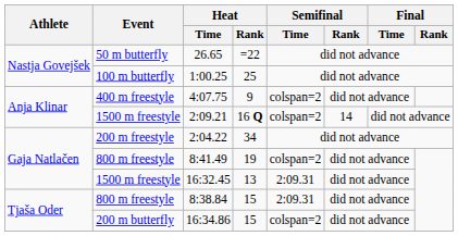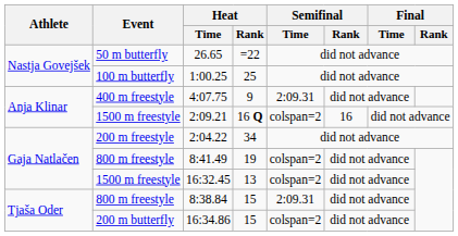 <table class=wikitable style="font-size:90%">
 <tr>
 <th rowspan="2">Athlete</th>
 <th rowspan="2">Event</th>
 <th colspan="2">Heat</th>
 <th colspan="2">Semifinal</th>
 <th colspan="2">Final</th>
 </tr>
 <tr style="font-size:95%">
 <th>Time</th>
 <th>Rank</th>
 <th>Time</th>
 <th>Rank</th>
 <th>Time</th>
 <th>Rank</th>
 </tr>
 <tr align=center>
 <td align=left rowspan=2><a href='#'>Nastja Govejšek</a></td>
 <td align=left><a href='#'>50 m butterfly</a></td>
 <td>26.65</td>
 <td>=22</td>
 <td colspan=4>did not advance</td>
 </tr>
 <tr align=center>
 <td align=left><a href='#'>100 m butterfly</a></td>
 <td>1:00.25</td>
 <td>25</td>
 <td colspan=4>did not advance</td>
 </tr>
 <tr align=center>
 <td align=left rowspan=2><a href='#'>Anja Klinar</a></td>
 <td align=left><a href='#'>400 m freestyle</a></td>
 <td>4:07.75</td>
 <td>9</td>
-<td>colspan=2 </td>
+<td>2:09.31</td>
 <td colspan=2>did not advance</td>
 </tr>
 <tr align=center>
 <td align=left><a href='#'>1500 m freestyle</a></td>
 <td>2:09.21</td>
 <td>16 <strong>Q</strong></td>
 <td>colspan=2 </td>
-<td>14</td>
+<td>16</td>
 <td colspan=2>did not advance</td>
 </tr>
 <tr align=center>
 <td align=left rowspan=3><a href='#'>Gaja Natlačen</a></td>
 <td align=left><a href='#'>200 m freestyle</a></td>
 <td>2:04.22</td>
 <td>34</td>
 <td colspan=4>did not advance</td>
 </tr>
 <tr align=center>
 <td align=left><a href='#'>800 m freestyle</a></td>
 <td>8:41.49</td>
 <td>19</td>
 <td>colspan=2 </td>
 <td colspan=2>did not advance</td>
 </tr>
 <tr align=center>
 <td align=left><a href='#'>1500 m freestyle</a></td>
 <td>16:32.45</td>
 <td>13</td>
-<td>2:09.31</td>
+<td>colspan=2 </td>
 <td colspan=2>did not advance</td>
 </tr>
 <tr align=center>
 <td align=left rowspan=2><a href='#'>Tjaša Oder</a></td>
 <td align=left><a href='#'>800 m freestyle</a></td>
 <td>8:38.84</td>
 <td>15</td>
 <td>2:09.31</td>
 <td colspan=2>did not advance</td>
 </tr>
 <tr align=center>
 <td align=left><a href='#'>200 m butterfly</a></td>
 <td>16:34.86</td>
 <td>15</td>
 <td>colspan=2 </td>
 <td colspan=2>did not advance</td>
 </tr>
 </table>
